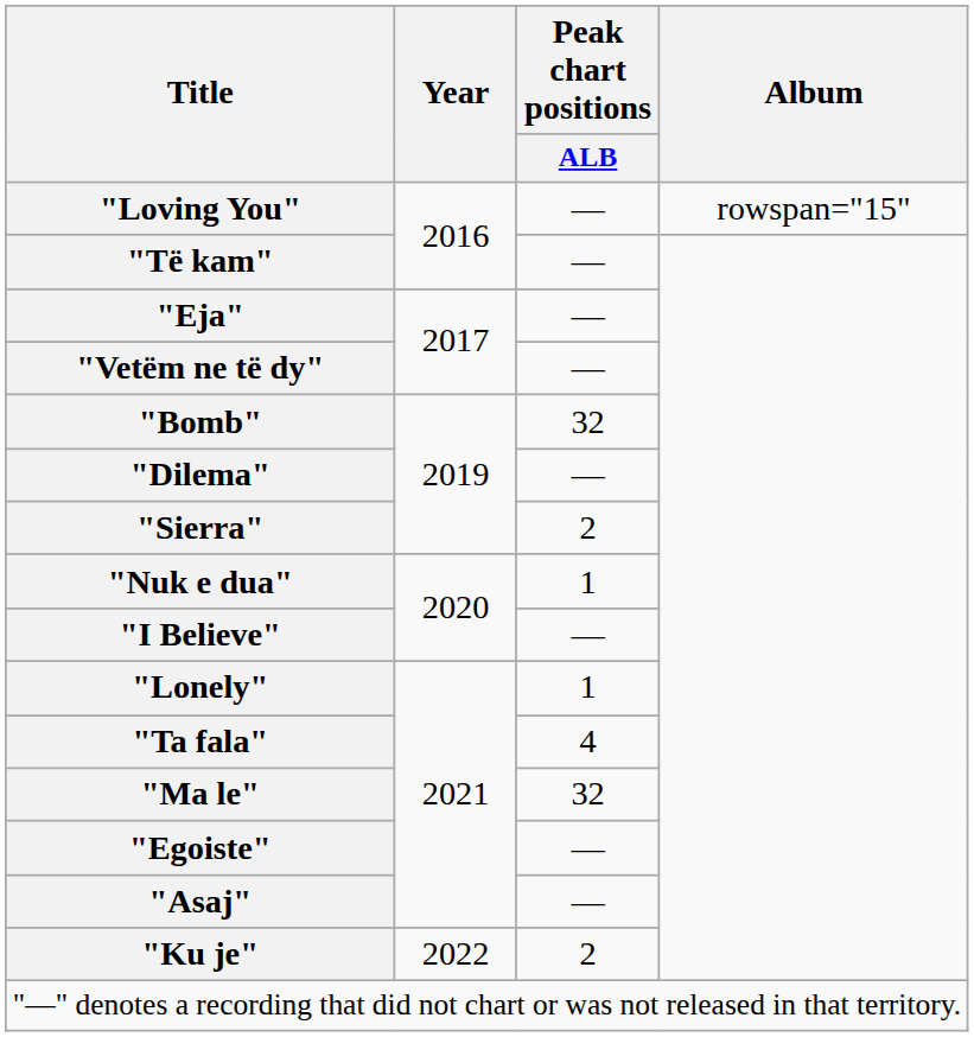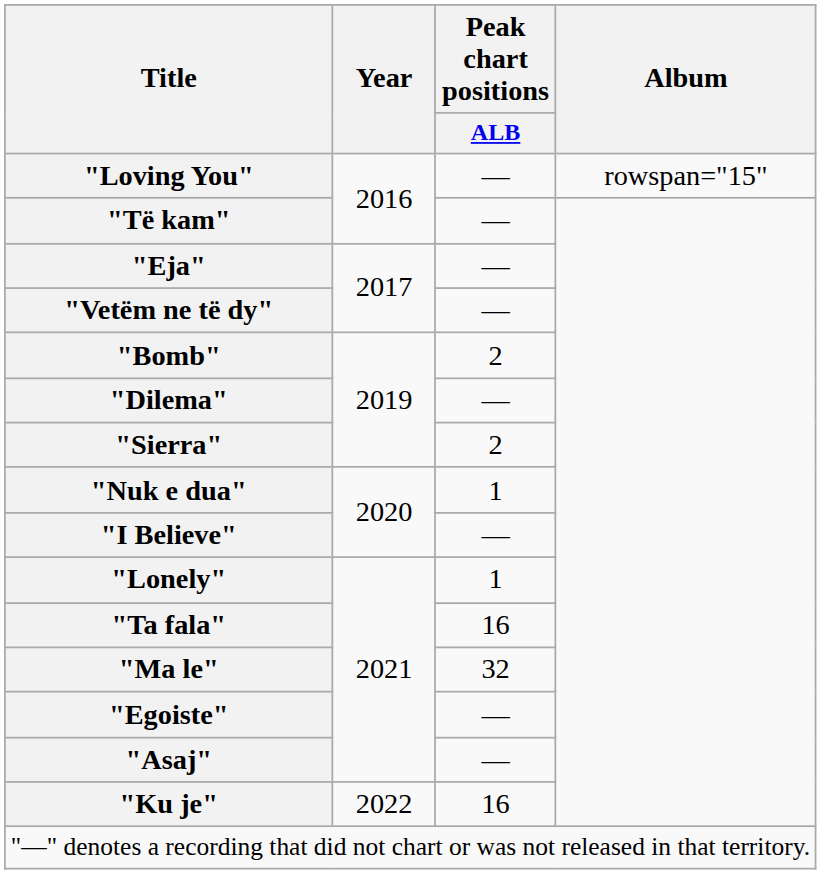 <table class="wikitable plainrowheaders" style="text-align:center;">
 <tr>
 <th scope="col" rowspan="2">Title</th>
 <th scope="col" rowspan="2">Year</th>
 <th scope="col" colspan="1">Peak<br>chart<br>positions</th>
 <th scope="col" rowspan="2">Album</th>
 </tr>
 <tr>
 <th scope="col" style="width:3em;font-size:85%;"><a href='#'>ALB</a><br></th>
 </tr>
 <tr>
 <th scope="row">"Loving You"</th>
 <td rowspan="2">2016</td>
 <td>—</td>
 <td>rowspan="15" </td>
 </tr>
 <tr>
 <th scope="row">"Të kam"</th>
 <td>—</td>
 </tr>
 <tr>
 <th scope="row">"Eja"</th>
 <td rowspan="2">2017</td>
 <td>—</td>
 </tr>
 <tr>
 <th scope="row">"Vetëm ne të dy"</th>
 <td>—</td>
 </tr>
 <tr>
 <th scope="row">"Bomb"</th>
 <td rowspan="3">2019</td>
-<td>32</td>
+<td>2</td>
 </tr>
 <tr>
 <th scope="row">"Dilema"</th>
 <td>—</td>
 </tr>
 <tr>
 <th scope="row">"Sierra"</th>
 <td>2</td>
 </tr>
 <tr>
 <th scope="row">"Nuk e dua"</th>
 <td rowspan="2">2020</td>
 <td>1</td>
 </tr>
 <tr>
 <th scope="row">"I Believe"</th>
 <td>—</td>
 </tr>
 <tr>
 <th scope="row">"Lonely"</th>
 <td rowspan="5">2021</td>
 <td>1</td>
 </tr>
 <tr>
 <th scope="row">"Ta fala"</th>
-<td>4</td>
+<td>16</td>
 </tr>
 <tr>
 <th scope="row">"Ma le"</th>
 <td>32</td>
 </tr>
 <tr>
 <th scope="row">"Egoiste"</th>
 <td>—</td>
 </tr>
 <tr>
 <th scope="row">"Asaj"</th>
 <td>—</td>
 </tr>
 <tr>
 <th scope="row">"Ku je"</th>
 <td rowspan="1">2022</td>
-<td>2</td>
+<td>16</td>
 </tr>
 <tr>
 <td colspan="11" style="font-size:90%">"—" denotes a recording that did not chart or was not released in that territory.</td>
 </tr>
 </table>
